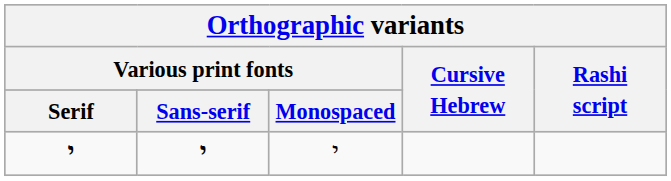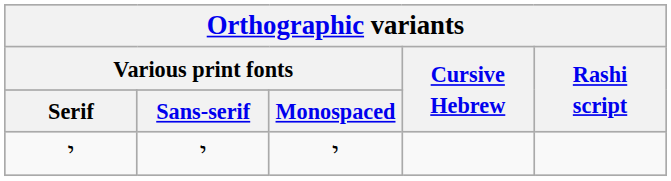 <table class=wikitable style="text-align:center;">
 <tr>
 <th colspan=5><a href='#'>Orthographic</a> variants</th>
 </tr>
 <tr>
 <th colspan=3><small>Various print fonts</small></th>
 <th rowspan=2><small><a href='#'>Cursive<br>Hebrew</a></small></th>
 <th rowspan=2><small><a href='#'>Rashi<br>script</a></small></th>
 </tr>
 <tr>
 <th><small>Serif</small></th>
 <th><small><a href='#'>Sans-serif</a></small></th>
 <th><small><a href='#'>Monospaced</a></small></th>
 </tr>
 <tr>
-<td width=20%><strong><span>י</span></strong></td>
-<td width=20%><strong><span>י</span></strong></td>
+<td width=20%><span>י</span></td>
+<td width=20%><span>י</span></td>
 <td width=20%><span>י</span></td>
 <td width=20%></td>
 <td width=20%></td>
 </tr>
 </table>
